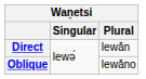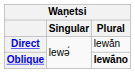 <table class="wikitable">
 <tr>
 <th colspan="3">Waṇetsi</th>
 </tr>
 <tr>
 <th></th>
 <th>Singular</th>
 <th>Plural</th>
 </tr>
 <tr>
 <th><strong><a href='#'>Direct</a></strong></th>
 <td rowspan="2">lewә́</td>
 <td>lewā́n</td>
 </tr>
 <tr>
 <th><strong><a href='#'>Oblique</a></strong></th>
-<td>lewā́no</td>
+<td><strong>lewā́no</strong></td>
 </tr>
 </table>
